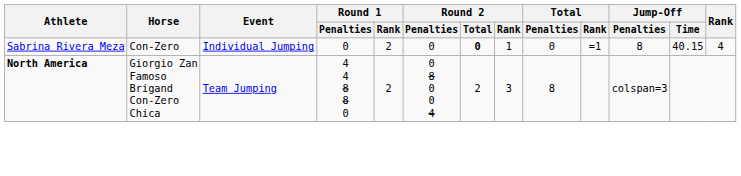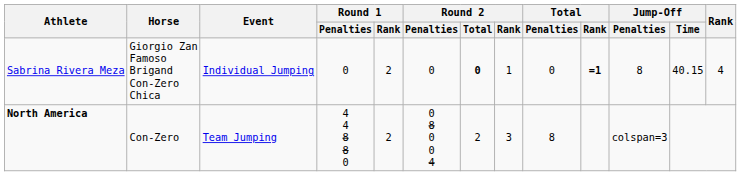 <table class="wikitable" border="1" style="font-size:90%">
 <tr>
 <th rowspan=2>Athlete</th>
 <th rowspan=2>Horse</th>
 <th rowspan=2>Event</th>
 <th colspan=2>Round 1</th>
 <th colspan=3>Round 2</th>
 <th colspan=2>Total</th>
 <th colspan=2>Jump-Off</th>
 <th rowspan=2>Rank</th>
 </tr>
 <tr style="font-size:95%">
 <th>Penalties</th>
 <th>Rank</th>
 <th>Penalties</th>
 <th>Total</th>
 <th>Rank</th>
 <th>Penalties</th>
 <th>Rank</th>
 <th>Penalties</th>
 <th>Time</th>
 </tr>
 <tr align=center>
 <td align=left><a href='#'>Sabrina Rivera Meza</a></td>
-<td align=left>Con-Zero</td>
+<td align=left valign=bottom>Giorgio Zan<br>Famoso<br>Brigand<br>Con-Zero<br>Chica</td>
 <td align=left><a href='#'>Individual Jumping</a></td>
 <td>0</td>
 <td>2</td>
 <td>0</td>
 <td><strong>0</strong></td>
 <td>1</td>
 <td>0</td>
-<td>=1</td>
+<td><strong>=1</strong></td>
 <td>8</td>
 <td>40.15</td>
 <td>4</td>
 </tr>
 <tr align=center>
 <td align=left><strong>North America</strong><br><br><br><br><br></td>
-<td align=left valign=bottom>Giorgio Zan<br>Famoso<br>Brigand<br>Con-Zero<br>Chica</td>
+<td align=left>Con-Zero</td>
 <td align=left><a href='#'>Team Jumping</a></td>
 <td valign=bottom>4<br>4<br><s>8</s><br><s>8</s><br>0</td>
 <td>2</td>
 <td valign=bottom>0<br><s>8</s><br>0<br>0<br><s>4</s></td>
 <td>2</td>
 <td>3</td>
 <td>8</td>
 <td></td>
 <td>colspan=3 </td>
 </tr>
 </table>
